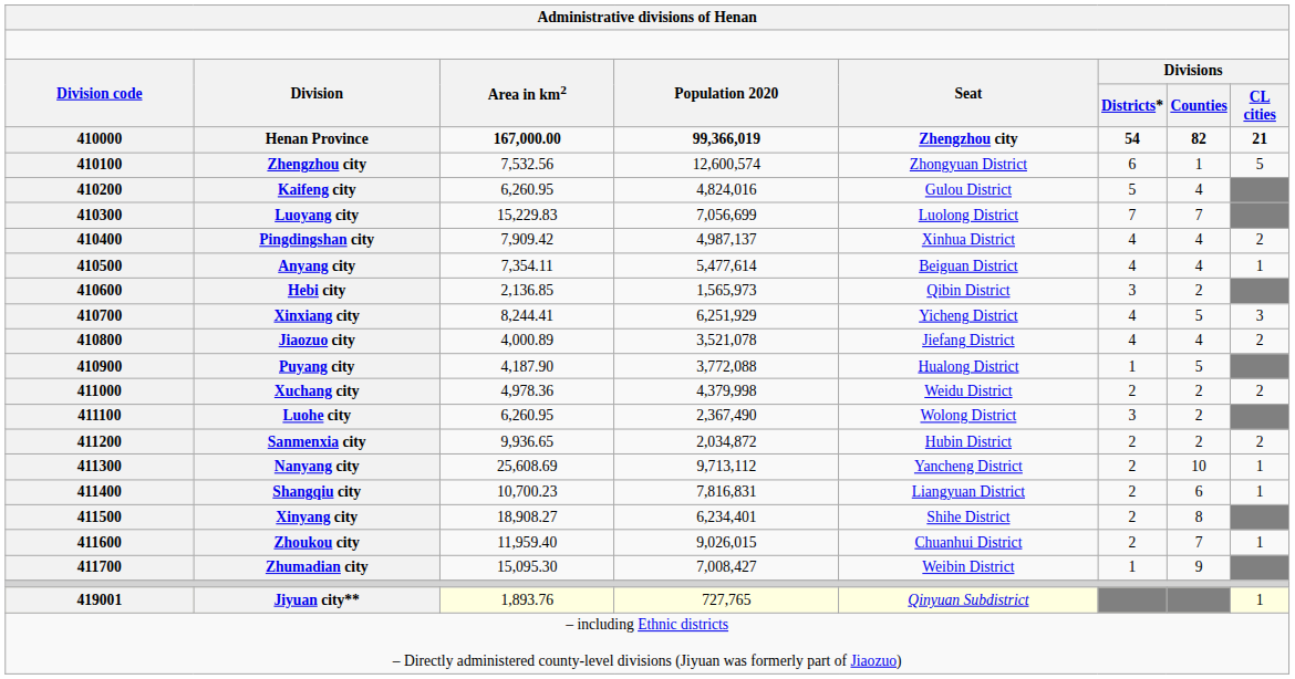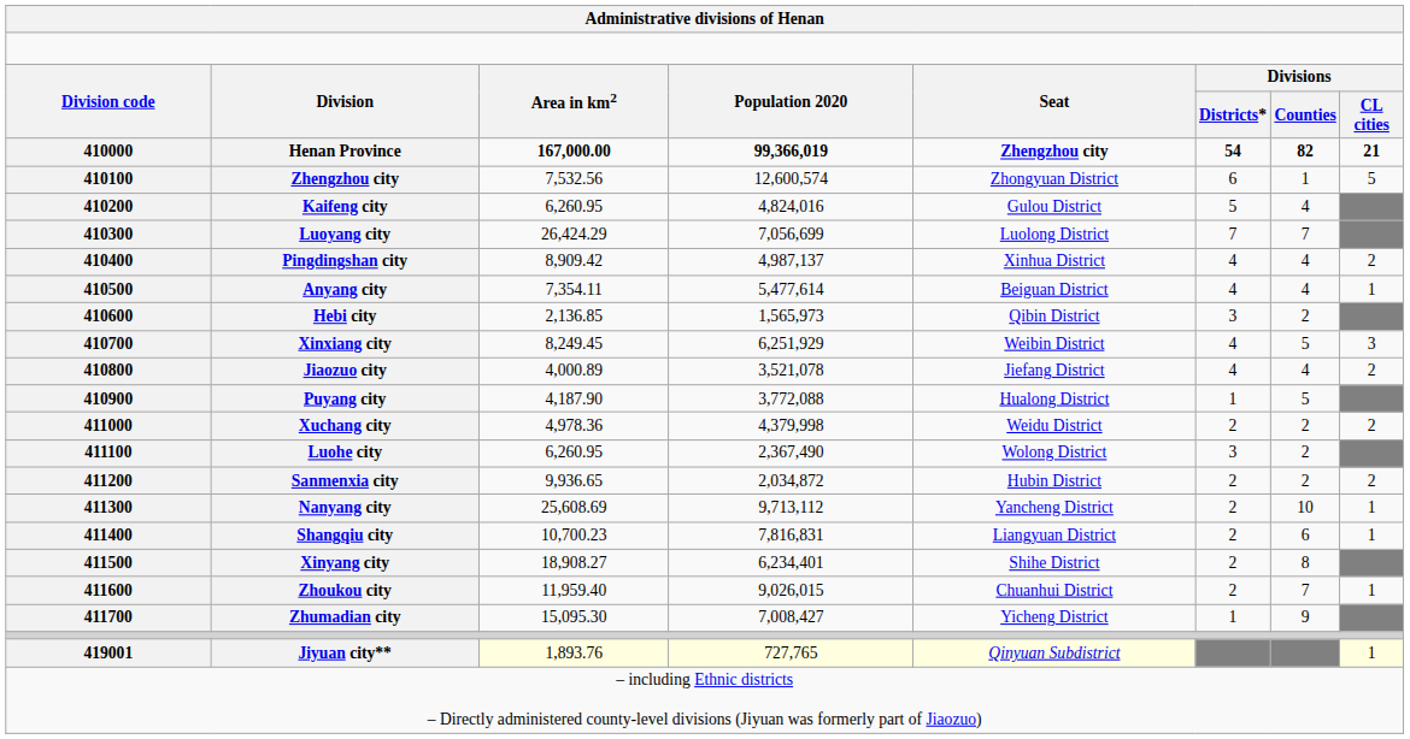 <table class="wikitable" style="margin:1em auto 1em auto; width:90%; font-size:smaller; text-align:center">
 <tr>
 <th colspan="9">Administrative divisions of Henan</th>
 </tr>
 <tr>
 <td colspan="9" style="font-size:larger"><div><br>                     </div></td>
 </tr>
 <tr>
 <th ! scope="col" rowspan="2"><a href='#'>Division code</a></th>
 <th ! scope="col" rowspan="2">Division</th>
 <th ! scope="col" rowspan="2">Area in km<sup>2</sup></th>
 <th ! scope="col" rowspan="2">Population 2020</th>
 <th ! scope="col" rowspan="2">Seat</th>
 <th ! scope="col" colspan="3">Divisions</th>
 </tr>
 <tr>
 <th ! scope="col" style="width:45px;"><a href='#'>Districts</a>*</th>
 <th ! scope="col" style="width:45px;"><a href='#'>Counties</a></th>
 <th ! scope="col" style="width:45px;"><a href='#'>CL cities</a></th>
 </tr>
 <tr style="font-weight: bold">
 <th>410000</th>
 <th>Henan Province</th>
 <td>167,000.00</td>
 <td>99,366,019</td>
 <td><a href='#'>Zhengzhou</a> city</td>
 <td>54</td>
 <td>82</td>
 <td>21</td>
 </tr>
 <tr>
 <th>410100</th>
 <th><a href='#'>Zhengzhou</a> city</th>
 <td>7,532.56</td>
 <td>12,600,574</td>
 <td><a href='#'>Zhongyuan District</a></td>
 <td>6</td>
 <td>1</td>
 <td>5</td>
 </tr>
 <tr>
 <th>410200</th>
 <th><a href='#'>Kaifeng</a> city</th>
 <td>6,260.95</td>
 <td>4,824,016</td>
 <td><a href='#'>Gulou District</a></td>
 <td>5</td>
 <td>4</td>
 <td style="background:gray;"></td>
 </tr>
 <tr>
 <th>410300</th>
 <th><a href='#'>Luoyang</a> city</th>
-<td>15,229.83</td>
+<td>26,424.29</td>
 <td>7,056,699</td>
 <td><a href='#'>Luolong District</a></td>
 <td>7</td>
 <td>7</td>
 <td style="background:gray;"></td>
 </tr>
 <tr>
 <th>410400</th>
 <th><a href='#'>Pingdingshan</a> city</th>
-<td>7,909.42</td>
+<td>8,909.42</td>
 <td>4,987,137</td>
 <td><a href='#'>Xinhua District</a></td>
 <td>4</td>
 <td>4</td>
 <td>2</td>
 </tr>
 <tr>
 <th>410500</th>
 <th><a href='#'>Anyang</a> city</th>
 <td>7,354.11</td>
 <td>5,477,614</td>
 <td><a href='#'>Beiguan District</a></td>
 <td>4</td>
 <td>4</td>
 <td>1</td>
 </tr>
 <tr>
 <th>410600</th>
 <th><a href='#'>Hebi</a> city</th>
 <td>2,136.85</td>
 <td>1,565,973</td>
 <td><a href='#'>Qibin District</a></td>
 <td>3</td>
 <td>2</td>
 <td style="background:gray;"></td>
 </tr>
 <tr>
 <th>410700</th>
 <th><a href='#'>Xinxiang</a> city</th>
-<td>8,244.41</td>
+<td>8,249.45</td>
 <td>6,251,929</td>
-<td><a href='#'>Yicheng District</a></td>
+<td><a href='#'>Weibin District</a></td>
 <td>4</td>
 <td>5</td>
 <td>3</td>
 </tr>
 <tr>
 <th>410800</th>
 <th><a href='#'>Jiaozuo</a> city</th>
 <td>4,000.89</td>
 <td>3,521,078</td>
 <td><a href='#'>Jiefang District</a></td>
 <td>4</td>
 <td>4</td>
 <td>2</td>
 </tr>
 <tr>
 <th>410900</th>
 <th><a href='#'>Puyang</a> city</th>
 <td>4,187.90</td>
 <td>3,772,088</td>
 <td><a href='#'>Hualong District</a></td>
 <td>1</td>
 <td>5</td>
 <td style="background:gray;"></td>
 </tr>
 <tr>
 <th>411000</th>
 <th><a href='#'>Xuchang</a> city</th>
 <td>4,978.36</td>
 <td>4,379,998</td>
 <td><a href='#'>Weidu District</a></td>
 <td>2</td>
 <td>2</td>
 <td>2</td>
 </tr>
 <tr>
 <th>411100</th>
 <th><a href='#'>Luohe</a> city</th>
 <td>6,260.95</td>
 <td>2,367,490</td>
 <td><a href='#'>Wolong District</a></td>
 <td>3</td>
 <td>2</td>
 <td style="background:gray;"></td>
 </tr>
 <tr>
 <th>411200</th>
 <th><a href='#'>Sanmenxia</a> city</th>
 <td>9,936.65</td>
 <td>2,034,872</td>
 <td><a href='#'>Hubin District</a></td>
 <td>2</td>
 <td>2</td>
 <td>2</td>
 </tr>
 <tr>
 <th>411300</th>
 <th><a href='#'>Nanyang</a> city</th>
 <td>25,608.69</td>
 <td>9,713,112</td>
 <td><a href='#'>Yancheng District</a></td>
 <td>2</td>
 <td>10</td>
 <td>1</td>
 </tr>
 <tr>
 <th>411400</th>
 <th><a href='#'>Shangqiu</a> city</th>
 <td>10,700.23</td>
 <td>7,816,831</td>
 <td><a href='#'>Liangyuan District</a></td>
 <td>2</td>
 <td>6</td>
 <td>1</td>
 </tr>
 <tr>
 <th>411500</th>
 <th><a href='#'>Xinyang</a> city</th>
 <td>18,908.27</td>
 <td>6,234,401</td>
 <td><a href='#'>Shihe District</a></td>
 <td>2</td>
 <td>8</td>
 <td style="background:gray;"></td>
 </tr>
 <tr>
 <th>411600</th>
 <th><a href='#'>Zhoukou</a> city</th>
 <td>11,959.40</td>
 <td>9,026,015</td>
 <td><a href='#'>Chuanhui District</a></td>
 <td>2</td>
 <td>7</td>
 <td>1</td>
 </tr>
 <tr>
 <th>411700</th>
 <th><a href='#'>Zhumadian</a> city</th>
 <td>15,095.30</td>
 <td>7,008,427</td>
-<td><a href='#'>Weibin District</a></td>
+<td><a href='#'>Yicheng District</a></td>
 <td>1</td>
 <td>9</td>
 <td style="background:gray;"></td>
 </tr>
 <tr style = "background:lightgrey; height: 2pt">
 <td colspan = "13"></td>
 </tr>
 <tr bgcolor="lightyellow">
 <th>419001</th>
 <th><a href='#'>Jiyuan</a> city**</th>
 <td>1,893.76</td>
 <td>727,765</td>
 <td><a href='#'><em>Qinyuan Subdistrict</em></a></td>
 <td style="background:gray;"></td>
 <td style="background:gray;"></td>
 <td>1</td>
 </tr>
 <tr>
 <td colspan = "11"> – including <a href='#'>Ethnic districts</a><br><br> – Directly administered county-level divisions (Jiyuan was formerly part of <a href='#'>Jiaozuo</a>)</td>
 </tr>
 </table>
